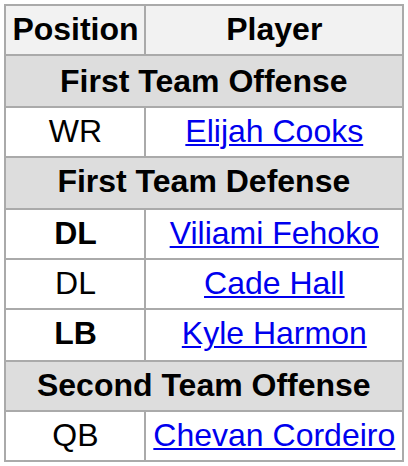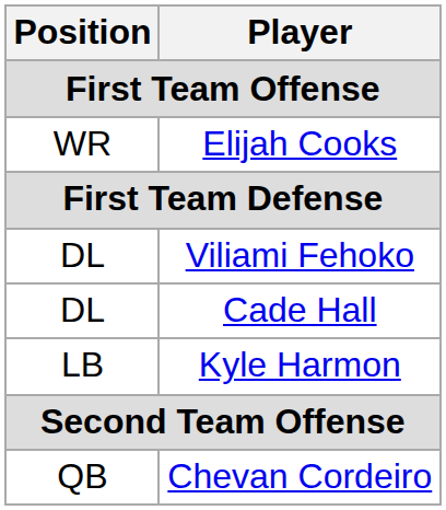 <table class="wikitable" border="0">
 <tr>
 <th>Position</th>
 <th>Player</th>
 </tr>
 <tr>
 <td colspan="3" style="text-align:center; background:#ddd;"><strong>First Team Offense </strong></td>
 </tr>
 <tr style="text-align:center;">
 <td style="background:white">WR</td>
 <td style="background:white"><a href='#'>Elijah Cooks</a></td>
 </tr>
 <tr>
 <td colspan="3" style="text-align:center; background:#ddd;"><strong>First Team Defense</strong></td>
 </tr>
 <tr style="text-align:center;">
-<td style="background:white"><strong>DL</strong></td>
+<td style="background:white">DL</td>
 <td style="background:white"><a href='#'>Viliami Fehoko</a></td>
 </tr>
 <tr style="text-align:center;">
 <td style="background:white">DL</td>
 <td style="background:white"><a href='#'>Cade Hall</a></td>
 </tr>
 <tr style="text-align:center;">
-<td style="background:white"><strong>LB</strong></td>
+<td style="background:white">LB</td>
 <td style="background:white"><a href='#'>Kyle Harmon</a></td>
 </tr>
 <tr>
 <td colspan="3" style="text-align:center; background:#ddd;"><strong>Second Team Offense </strong></td>
 </tr>
 <tr style="text-align:center;">
 <td style="background:white">QB</td>
 <td style="background:white"><a href='#'>Chevan Cordeiro</a></td>
 </tr>
 <tr>
 </tr>
 </table>
